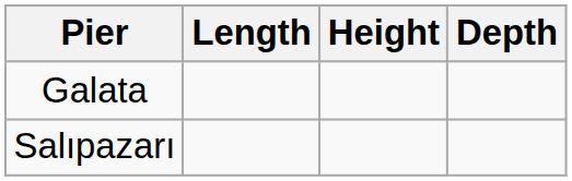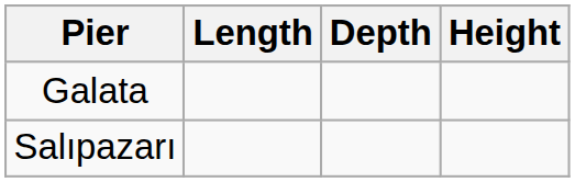 <table class="wikitable" style="text-align:center">
 <tr>
 <th>Pier</th>
 <th>Length</th>
+<th>Depth</th>
 <th>Height</th>
-<th>Depth</th>
 </tr>
 <tr>
 <td>Galata</td>
 <td></td>
 <td></td>
 <td></td>
 </tr>
 <tr>
 <td>Salıpazarı</td>
 <td></td>
 <td></td>
 <td></td>
 </tr>
 </table>
